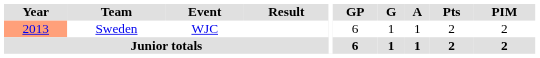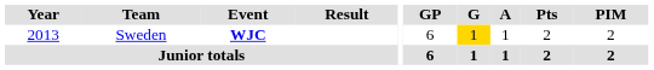 <table border="0" cellpadding="1" cellspacing="0" ID="Table3" style="text-align:center; width:40em">
 <tr bgcolor="#e0e0e0">
 <th>Year</th>
 <th>Team</th>
 <th>Event</th>
 <th>Result</th>
 <th rowspan="99" bgcolor="#ffffff"></th>
 <th>GP</th>
 <th>G</th>
 <th>A</th>
 <th>Pts</th>
 <th>PIM</th>
 </tr>
 <tr>
-<td style="background: lightsalmon;"><a href='#'>2013</a></td>
+<td><a href='#'>2013</a></td>
 <td><a href='#'>Sweden</a></td>
-<td><a href='#'>WJC</a></td>
+<td><strong><a href='#'>WJC</a></strong></td>
 <td></td>
 <td>6</td>
-<td>1</td>
+<td style="background: gold;">1</td>
 <td>1</td>
 <td>2</td>
 <td>2</td>
 </tr>
 <tr bgcolor="#e0e0e0">
 <th colspan="4">Junior totals</th>
 <th>6</th>
 <th>1</th>
 <th>1</th>
 <th>2</th>
 <th>2</th>
 </tr>
 </table>
